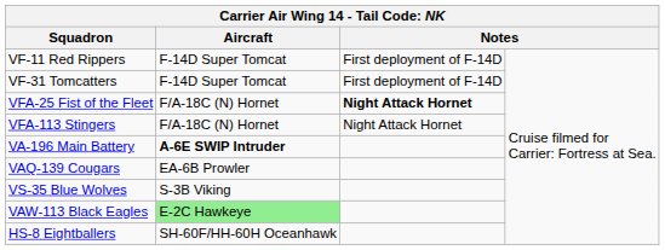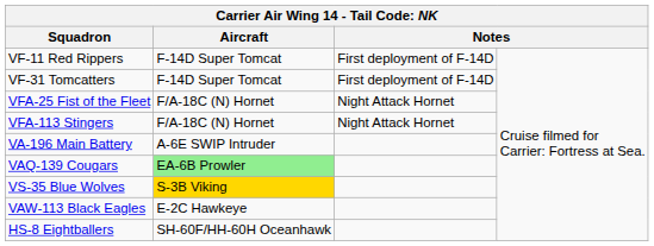 <table class="wikitable">
 <tr>
 <th colspan="4">Carrier Air Wing 14 - Tail Code: <em>NK</em></th>
 </tr>
 <tr>
 <th>Squadron</th>
 <th>Aircraft</th>
 <th colspan="2">Notes</th>
 </tr>
 <tr>
 <td>VF-11 Red Rippers</td>
 <td>F-14D Super Tomcat</td>
 <td>First deployment of F-14D</td>
 <td rowspan="9">Cruise filmed for<br>Carrier: Fortress at Sea.</td>
 </tr>
 <tr>
 <td>VF-31 Tomcatters</td>
 <td>F-14D Super Tomcat</td>
 <td>First deployment of F-14D</td>
 </tr>
 <tr>
 <td><a href='#'>VFA-25 Fist of the Fleet</a></td>
 <td>F/A-18C (N) Hornet</td>
-<td><strong>Night Attack Hornet</strong></td>
+<td>Night Attack Hornet</td>
 </tr>
 <tr>
 <td><a href='#'>VFA-113 Stingers</a></td>
 <td>F/A-18C (N) Hornet</td>
 <td>Night Attack Hornet</td>
 </tr>
 <tr>
 <td><a href='#'>VA-196 Main Battery</a></td>
-<td><strong>A-6E SWIP Intruder</strong></td>
+<td>A-6E SWIP Intruder</td>
 <td></td>
 </tr>
 <tr>
 <td><a href='#'>VAQ-139 Cougars</a></td>
-<td>EA-6B Prowler</td>
+<td style="background: lightgreen;">EA-6B Prowler</td>
 <td></td>
 </tr>
 <tr>
 <td><a href='#'>VS-35 Blue Wolves</a></td>
-<td>S-3B Viking</td>
+<td style="background: gold;">S-3B Viking</td>
 <td></td>
 </tr>
 <tr>
 <td><a href='#'>VAW-113 Black Eagles</a></td>
-<td style="background: lightgreen;">E-2C Hawkeye</td>
+<td>E-2C Hawkeye</td>
 <td></td>
 </tr>
 <tr>
 <td><a href='#'>HS-8 Eightballers</a></td>
 <td>SH-60F/HH-60H Oceanhawk</td>
 <td></td>
 </tr>
 </table>
